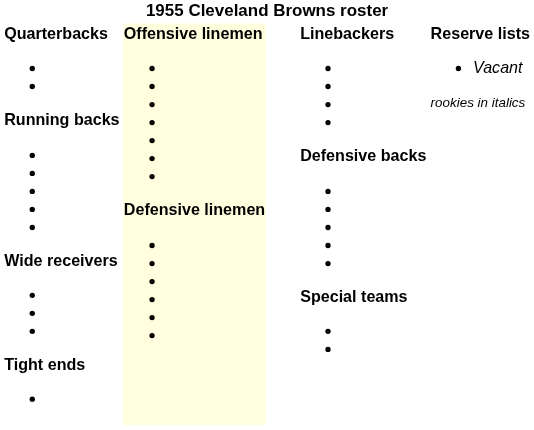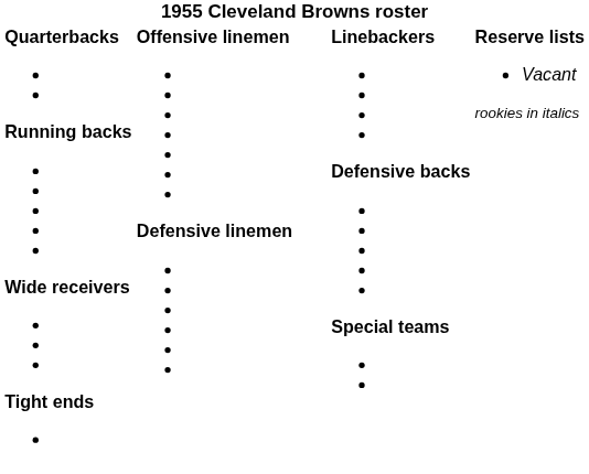 <table class="toccolours" style="text-align: left;">
 <tr>
 <th colspan="7" style="text-align:center;">1955 Cleveland Browns roster</th>
 </tr>
 <tr>
 <td style="font-size: 95%;" valign="top"><strong>Quarterbacks</strong><br><ul><li></li><li></li></ul><strong>Running backs</strong><ul><li></li><li></li><li></li><li></li><li></li></ul><strong>Wide receivers</strong><ul><li></li><li></li><li></li></ul><strong>Tight ends</strong><ul><li></li></ul></td>
-<td style="background: lightyellow; font-size: 95%;" valign="top"><strong>Offensive linemen</strong><br><ul><li></li><li></li><li></li><li></li><li></li><li></li><li></li></ul><strong>Defensive linemen</strong><ul><li></li><li></li><li></li><li></li><li></li><li></li></ul></td>
+<td style="font-size: 95%;" valign="top"><strong>Offensive linemen</strong><br><ul><li></li><li></li><li></li><li></li><li></li><li></li><li></li></ul><strong>Defensive linemen</strong><ul><li></li><li></li><li></li><li></li><li></li><li></li></ul></td>
 <td style="width: 25px;"></td>
 <td style="font-size: 95%;" valign="top"><strong>Linebackers</strong><br><ul><li></li><li></li><li></li><li></li></ul><strong>Defensive backs</strong><ul><li></li><li></li><li></li><li></li><li></li></ul><strong>Special teams</strong><ul><li></li><li></li></ul></td>
 <td style="font-size: 95%;" valign="top"><strong>Reserve lists</strong><br><ul><li><em>Vacant</em></li></ul><small><em>rookies in italics</em></small></td>
 </tr>
 <tr>
 </tr>
 </table>
